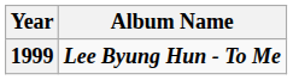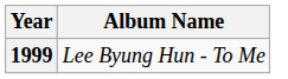 <table class="wikitable">
 <tr>
 <th>Year</th>
 <th>Album Name</th>
 </tr>
 <tr>
 <th scope="row">1999</th>
-<td><strong><em>Lee Byung Hun - To Me</em></strong></td>
+<td><em>Lee Byung Hun - To Me</em></td>
 </tr>
 </table>
